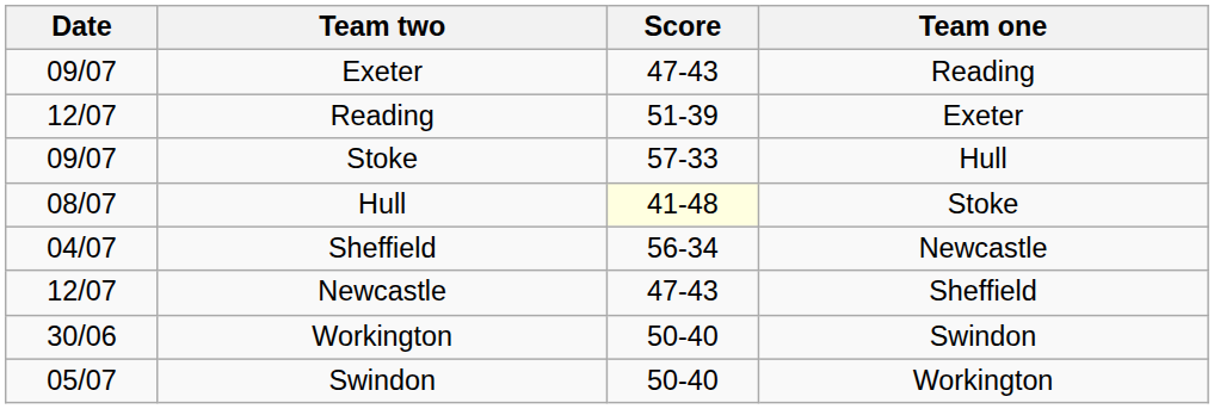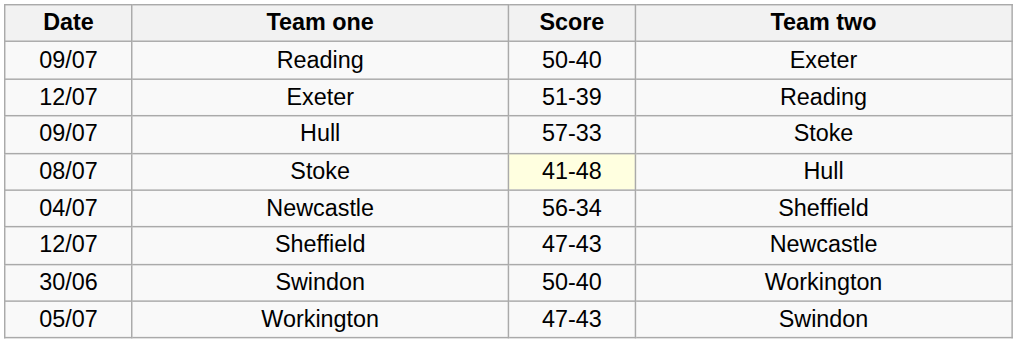 <table class="wikitable" style="text-align: center">
 <tr>
 <th width=80>Date</th>
+<th width=250>Team one</th>
+<th width=80>Score</th>
 <th width=250>Team two</th>
-<th width=80>Score</th>
-<th width=250>Team one</th>
 </tr>
 <tr>
 <td>09/07</td>
+<td>Reading</td>
+<td>50-40</td>
 <td>Exeter</td>
-<td>47-43</td>
+</tr>
+<tr>
+<td>12/07</td>
+<td>Exeter</td>
+<td>51-39</td>
 <td>Reading</td>
 </tr>
 <tr>
-<td>12/07</td>
-<td>Reading</td>
-<td>51-39</td>
-<td>Exeter</td>
+<td>09/07</td>
+<td>Hull</td>
+<td>57-33</td>
+<td>Stoke</td>
 </tr>
 <tr>
-<td>09/07</td>
+<td>08/07</td>
 <td>Stoke</td>
-<td>57-33</td>
+<td style="background: lightyellow;">41-48</td>
 <td>Hull</td>
 </tr>
 <tr>
-<td>08/07</td>
-<td>Hull</td>
-<td style="background: lightyellow;">41-48</td>
-<td>Stoke</td>
+<td>04/07</td>
+<td>Newcastle</td>
+<td>56-34</td>
+<td>Sheffield</td>
 </tr>
 <tr>
-<td>04/07</td>
+<td>12/07</td>
 <td>Sheffield</td>
-<td>56-34</td>
+<td>47-43</td>
 <td>Newcastle</td>
 </tr>
 <tr>
-<td>12/07</td>
-<td>Newcastle</td>
-<td>47-43</td>
-<td>Sheffield</td>
-</tr>
-<tr>
 <td>30/06</td>
-<td>Workington</td>
-<td>50-40</td>
-<td>Swindon</td>
-</tr>
-<tr>
-<td>05/07</td>
 <td>Swindon</td>
 <td>50-40</td>
 <td>Workington</td>
 </tr>
+<tr>
+<td>05/07</td>
+<td>Workington</td>
+<td>47-43</td>
+<td>Swindon</td>
+</tr>
 </table>
